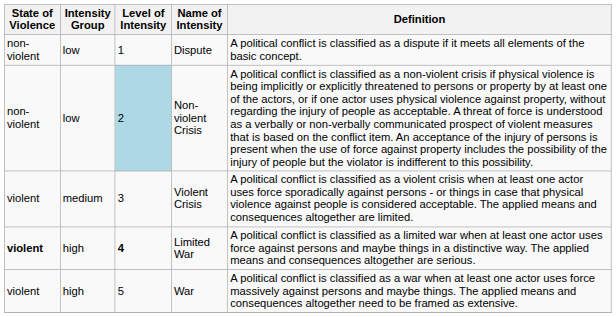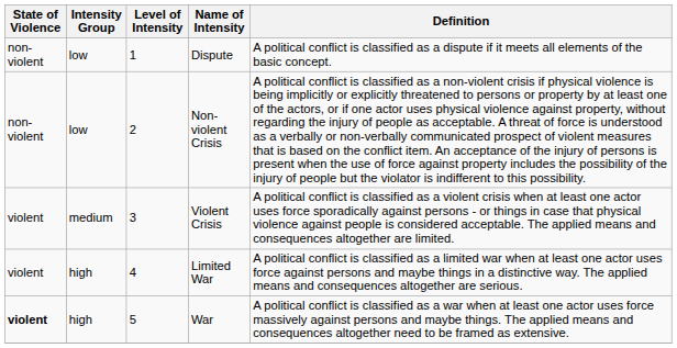 <table class="wikitable">
 <tr>
 <th>State of Violence</th>
 <th>Intensity Group</th>
 <th>Level of Intensity</th>
 <th>Name of Intensity</th>
 <th>Definition</th>
 </tr>
 <tr>
 <td>non-violent</td>
 <td>low</td>
 <td>1</td>
 <td>Dispute</td>
 <td>A political conflict is classified as a dispute if it meets all elements of the basic concept.</td>
 </tr>
 <tr>
 <td>non-violent</td>
 <td>low</td>
-<td style="background: lightblue;">2</td>
+<td>2</td>
 <td>Non-violent Crisis</td>
 <td>A political conflict is classified as a non-violent crisis if physical violence is being implicitly or explicitly threatened to persons or property by at least one of the actors, or if one actor uses physical violence against property, without regarding the injury of people as acceptable. A threat of force is understood as a verbally or non-verbally communicated prospect of violent measures that is based on the conflict item. An acceptance of the injury of persons is present when the use of force against property includes the possibility of the injury of people but the violator is indifferent to this possibility.</td>
 </tr>
 <tr>
 <td>violent</td>
 <td>medium</td>
 <td>3</td>
 <td>Violent Crisis</td>
 <td>A political conflict is classified as a violent crisis when at least one actor uses force sporadically against persons - or things in case that physical violence against people is considered acceptable. The applied means and consequences altogether are limited.</td>
 </tr>
 <tr>
-<td><strong>violent</strong></td>
+<td>violent</td>
 <td>high</td>
-<td><strong>4</strong></td>
+<td>4</td>
 <td>Limited War</td>
 <td>A political conflict is classified as a limited war when at least one actor uses force against persons and maybe things in a distinctive way. The applied means and consequences altogether are serious.</td>
 </tr>
 <tr>
-<td>violent</td>
+<td><strong>violent</strong></td>
 <td>high</td>
 <td>5</td>
 <td>War</td>
 <td>A political conflict is classified as a war when at least one actor uses force massively against persons and maybe things. The applied means and consequences altogether need to be framed as extensive.</td>
 </tr>
 <tr>
 </tr>
 </table>
